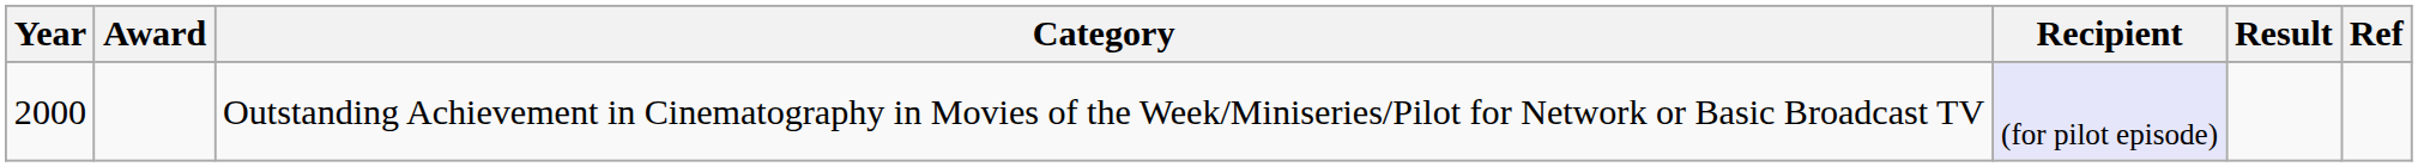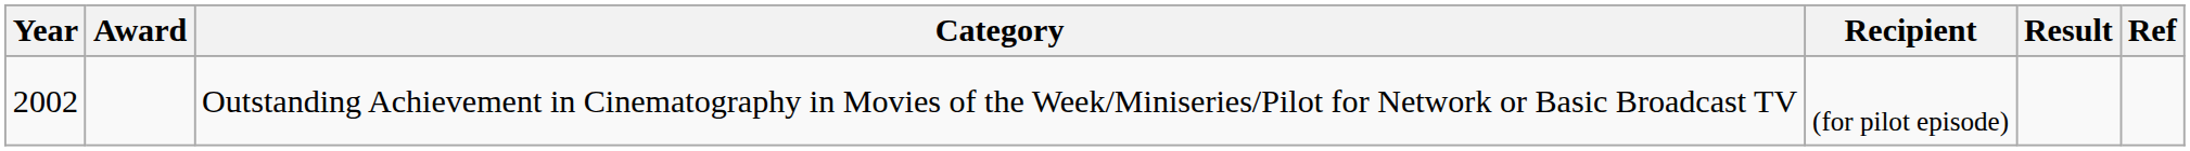 <table class="wikitable">
 <tr>
 <th>Year</th>
 <th>Award</th>
 <th>Category</th>
 <th>Recipient</th>
 <th>Result</th>
 <th>Ref</th>
 </tr>
 <tr>
-<td>2000</td>
+<td>2002</td>
 <td></td>
 <td>Outstanding Achievement in Cinematography in Movies of the Week/Miniseries/Pilot for Network or Basic Broadcast TV</td>
-<td style="background: lavender;"><br><small>(for pilot episode)</small></td>
+<td><br><small>(for pilot episode)</small></td>
 <td></td>
 <td style="text-align=center;"></td>
 </tr>
 </table>
